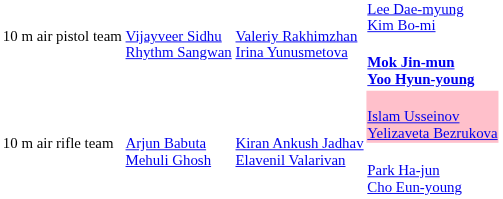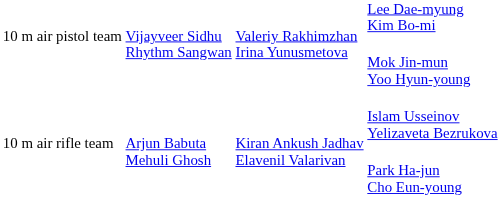 <table>
 <tr>
 <td rowspan=2>10 m air pistol team</td>
 <td rowspan=2><br><a href='#'>Vijayveer Sidhu</a><br><a href='#'>Rhythm Sangwan</a></td>
 <td rowspan=2><br><a href='#'>Valeriy Rakhimzhan</a><br><a href='#'>Irina Yunusmetova</a></td>
 <td><br><a href='#'>Lee Dae-myung</a><br><a href='#'>Kim Bo-mi</a></td>
 </tr>
 <tr>
-<td><strong><br><a href='#'>Mok Jin-mun</a><br><a href='#'>Yoo Hyun-young</a></strong></td>
+<td><br><a href='#'>Mok Jin-mun</a><br><a href='#'>Yoo Hyun-young</a></td>
 </tr>
 <tr>
 <td rowspan=2>10 m air rifle team</td>
 <td rowspan=2><br><a href='#'>Arjun Babuta</a><br><a href='#'>Mehuli Ghosh</a></td>
 <td rowspan=2><br><a href='#'>Kiran Ankush Jadhav</a><br><a href='#'>Elavenil Valarivan</a></td>
-<td style="background: pink;"><br><a href='#'>Islam Usseinov</a><br><a href='#'>Yelizaveta Bezrukova</a></td>
+<td><br><a href='#'>Islam Usseinov</a><br><a href='#'>Yelizaveta Bezrukova</a></td>
 </tr>
 <tr>
 <td><br><a href='#'>Park Ha-jun</a><br><a href='#'>Cho Eun-young</a></td>
 </tr>
 </table>
